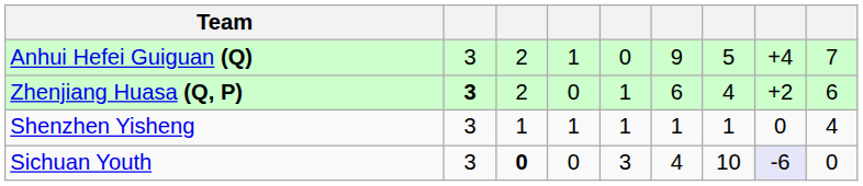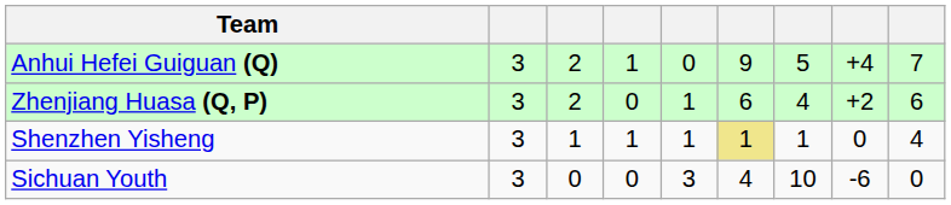 <table class="wikitable" style="text-align:center;">
 <tr>
 <th width=310>Team</th>
 <th width=30></th>
 <th width=30></th>
 <th width=30></th>
 <th width=30></th>
 <th width=30></th>
 <th width=30></th>
 <th width=30></th>
 <th width=30></th>
 </tr>
 <tr bgcolor="#ccffcc">
 <td align="left"><a href='#'>Anhui Hefei Guiguan</a> <strong>(Q)</strong></td>
 <td>3</td>
 <td>2</td>
 <td>1</td>
 <td>0</td>
 <td>9</td>
 <td>5</td>
 <td>+4</td>
 <td>7</td>
 </tr>
 <tr bgcolor="#ccffcc">
 <td align="left"><a href='#'>Zhenjiang Huasa</a> <strong>(Q, P)</strong></td>
-<td><strong>3</strong></td>
+<td>3</td>
 <td>2</td>
 <td>0</td>
 <td>1</td>
 <td>6</td>
 <td>4</td>
 <td>+2</td>
 <td>6</td>
 </tr>
 <tr>
 <td align="left"><a href='#'>Shenzhen Yisheng</a></td>
 <td>3</td>
 <td>1</td>
 <td>1</td>
 <td>1</td>
-<td>1</td>
+<td style="background: khaki;">1</td>
 <td>1</td>
 <td>0</td>
 <td>4</td>
 </tr>
 <tr>
 <td align="left"><a href='#'>Sichuan Youth</a></td>
 <td>3</td>
-<td><strong>0</strong></td>
+<td>0</td>
 <td>0</td>
 <td>3</td>
 <td>4</td>
 <td>10</td>
-<td style="background: lavender;">-6</td>
+<td>-6</td>
 <td>0</td>
 </tr>
 </table>
